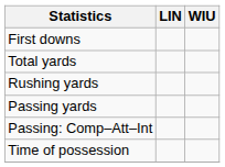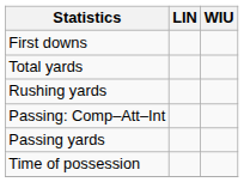 <table class="wikitable" style="float: left;">
 <tr>
 <th>Statistics</th>
 <th>LIN</th>
 <th>WIU</th>
 </tr>
 <tr>
 <td>First downs</td>
 <td></td>
 <td></td>
 </tr>
 <tr>
 <td>Total yards</td>
 <td></td>
 <td></td>
 </tr>
 <tr>
 <td>Rushing yards</td>
 <td></td>
 <td></td>
 </tr>
 <tr>
-<td>Passing yards</td>
+<td>Passing: Comp–Att–Int</td>
 <td></td>
 <td></td>
 </tr>
 <tr>
-<td>Passing: Comp–Att–Int</td>
+<td>Passing yards</td>
 <td></td>
 <td></td>
 </tr>
 <tr>
 <td>Time of possession</td>
 <td></td>
 <td></td>
 </tr>
 <tr>
 </tr>
 </table>
